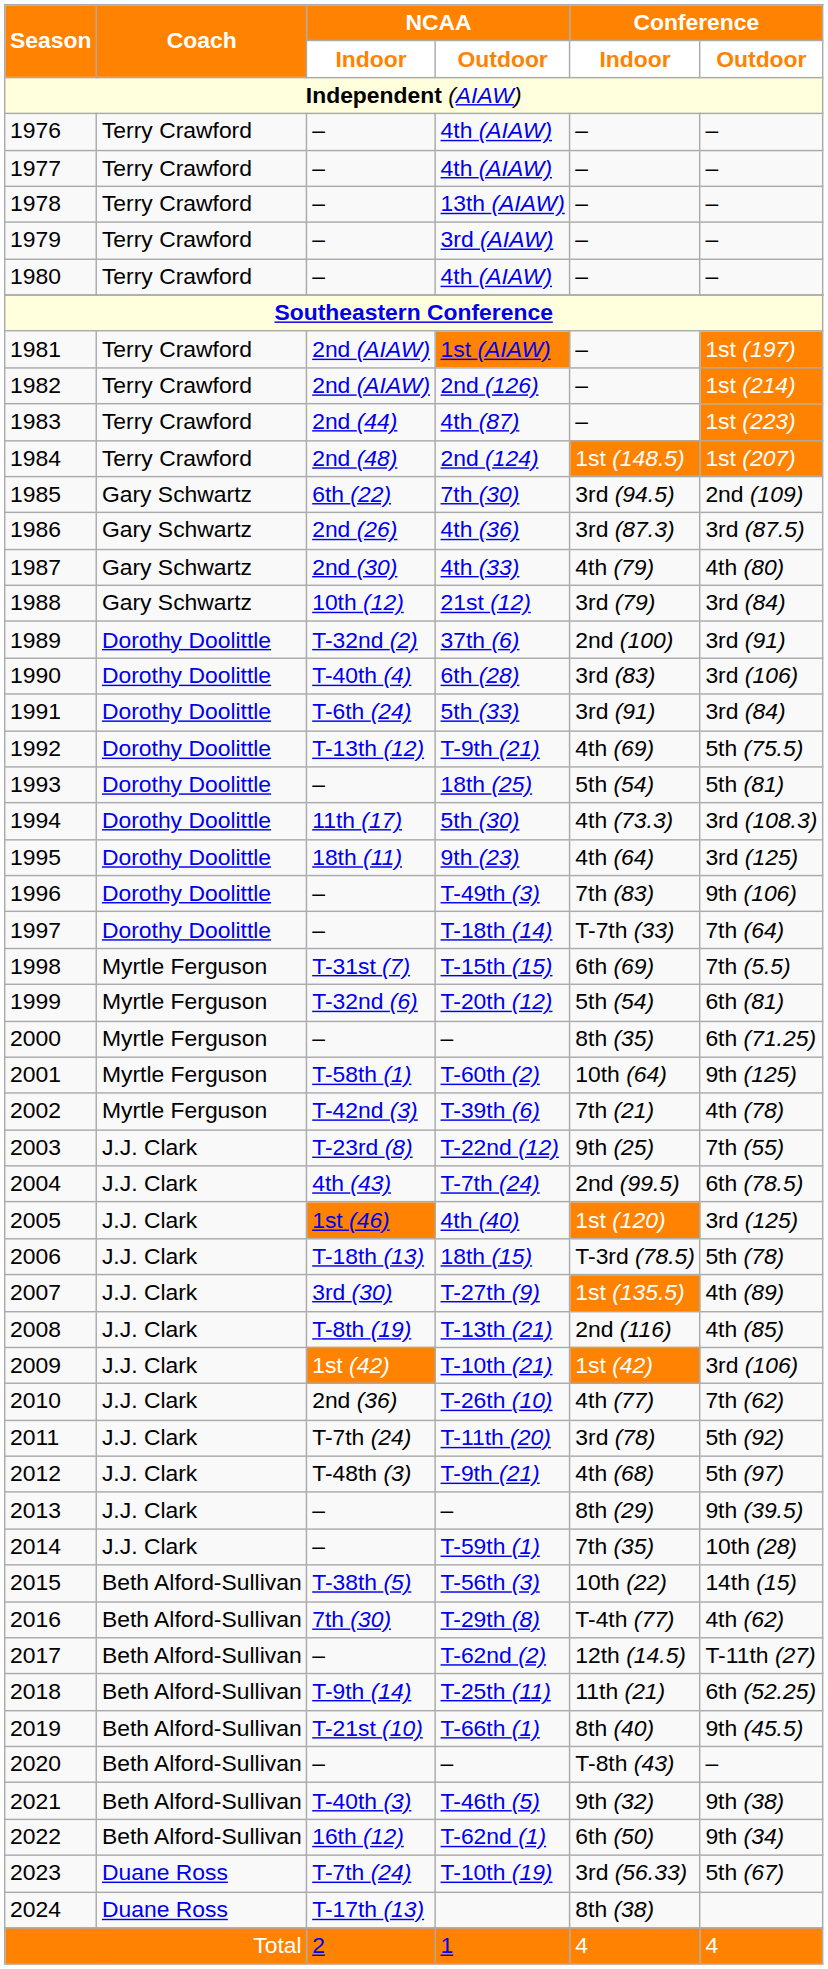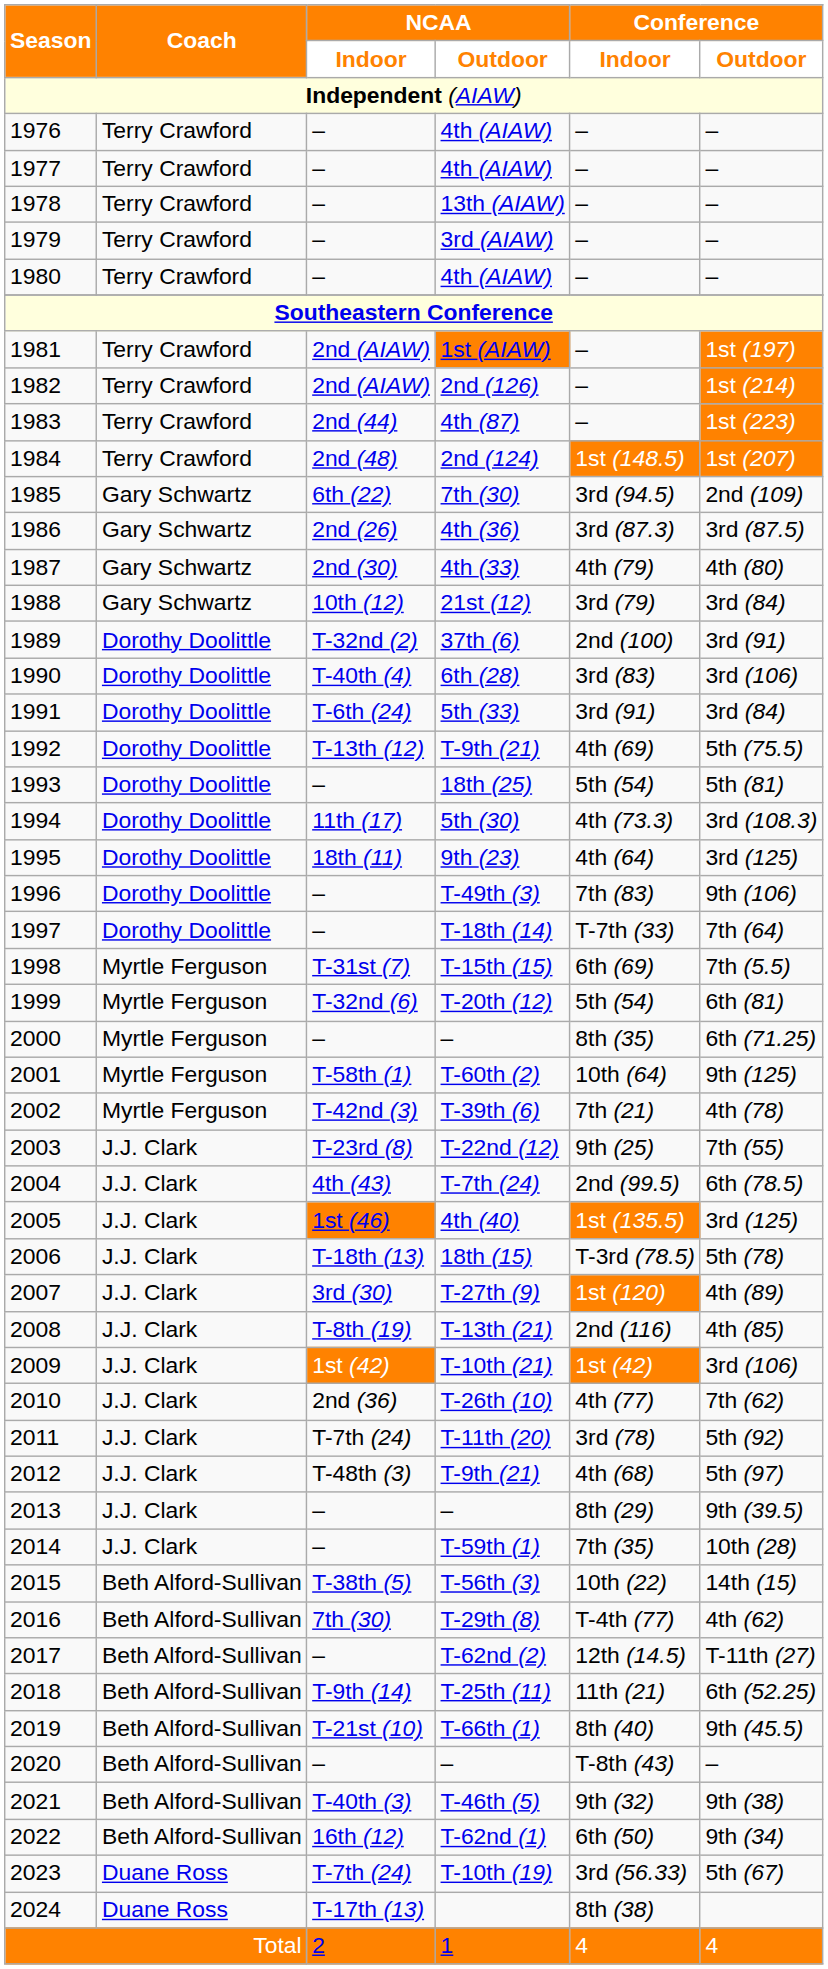 <table class="wikitable">
 <tr>
 <th rowspan="2" style="background: #FF8200; color:white;">Season</th>
 <th rowspan="2" style="background: #FF8200; color:white;">Coach</th>
 <th colspan="2" style="background: #FF8200; color:white;">NCAA</th>
 <th colspan="2" style="background: #FF8200; color:white;">Conference</th>
 </tr>
 <tr align="center" style="width:20px; background: white; color:#FF8200; text-align:center">
 <td><strong>Indoor</strong></td>
 <td><strong>Outdoor</strong></td>
 <td><strong>Indoor</strong></td>
 <td><strong>Outdoor</strong></td>
 </tr>
 <tr style="background: #ffffdd;">
 <td colspan="6" style="text-align:center;"><strong>Independent</strong> <em>(<a href='#'>AIAW</a>)</em></td>
 </tr>
 <tr>
 <td>1976</td>
 <td>Terry Crawford</td>
 <td>–</td>
 <td><a href='#'>4th <em>(AIAW)</em></a></td>
 <td>–</td>
 <td>–</td>
 </tr>
 <tr>
 <td>1977</td>
 <td>Terry Crawford</td>
 <td>–</td>
 <td><a href='#'>4th <em>(AIAW)</em></a></td>
 <td>–</td>
 <td>–</td>
 </tr>
 <tr>
 <td>1978</td>
 <td>Terry Crawford</td>
 <td>–</td>
 <td><a href='#'>13th <em>(AIAW)</em></a></td>
 <td>–</td>
 <td>–</td>
 </tr>
 <tr>
 <td>1979</td>
 <td>Terry Crawford</td>
 <td>–</td>
 <td><a href='#'>3rd <em>(AIAW)</em></a></td>
 <td>–</td>
 <td>–</td>
 </tr>
 <tr>
 <td>1980</td>
 <td>Terry Crawford</td>
 <td>–</td>
 <td><a href='#'>4th <em>(AIAW)</em></a></td>
 <td>–</td>
 <td>–</td>
 </tr>
 <tr>
 </tr>
 <tr style="background: #ffffdd;">
 <td colspan="6" style="text-align:center;"><strong><a href='#'>Southeastern Conference</a></strong></td>
 </tr>
 <tr>
 <td>1981</td>
 <td>Terry Crawford</td>
 <td><a href='#'>2nd <em>(AIAW)</em></a></td>
 <td style="background: #FF8200; color:white"><a href='#'>1st <em>(AIAW)</em></a></td>
 <td>–</td>
 <td style="background: #FF8200; color:white">1st <em>(197)</em></td>
 </tr>
 <tr>
 <td>1982</td>
 <td>Terry Crawford</td>
 <td><a href='#'>2nd <em>(AIAW)</em></a></td>
 <td><a href='#'>2nd <em>(126)</em></a></td>
 <td>–</td>
 <td style="background: #FF8200; color:white">1st <em>(214)</em></td>
 </tr>
 <tr>
 <td>1983</td>
 <td>Terry Crawford</td>
 <td><a href='#'>2nd <em>(44)</em></a></td>
 <td><a href='#'>4th <em>(87)</em></a></td>
 <td>–</td>
 <td style="background: #FF8200; color:white">1st <em>(223)</em></td>
 </tr>
 <tr>
 <td>1984</td>
 <td>Terry Crawford</td>
 <td><a href='#'>2nd <em>(48)</em></a></td>
 <td><a href='#'>2nd <em>(124)</em></a></td>
 <td style="background: #FF8200; color:white">1st <em>(148.5)</em></td>
 <td style="background: #FF8200; color:white">1st <em>(207)</em></td>
 </tr>
 <tr>
 <td>1985</td>
 <td>Gary Schwartz</td>
 <td><a href='#'>6th <em>(22)</em></a></td>
 <td><a href='#'>7th <em>(30)</em></a></td>
 <td>3rd <em>(94.5)</em></td>
 <td>2nd <em>(109)</em></td>
 </tr>
 <tr>
 <td>1986</td>
 <td>Gary Schwartz</td>
 <td><a href='#'>2nd <em>(26)</em></a></td>
 <td><a href='#'>4th <em>(36)</em></a></td>
 <td>3rd <em>(87.3)</em></td>
 <td>3rd <em>(87.5)</em></td>
 </tr>
 <tr>
 <td>1987</td>
 <td>Gary Schwartz</td>
 <td><a href='#'>2nd <em>(30)</em></a></td>
 <td><a href='#'>4th <em>(33)</em></a></td>
 <td>4th <em>(79)</em></td>
 <td>4th <em>(80)</em></td>
 </tr>
 <tr>
 <td>1988</td>
 <td>Gary Schwartz</td>
 <td><a href='#'>10th <em>(12)</em></a></td>
 <td><a href='#'>21st <em>(12)</em></a></td>
 <td>3rd <em>(79)</em></td>
 <td>3rd <em>(84)</em></td>
 </tr>
 <tr>
 <td>1989</td>
 <td><a href='#'>Dorothy Doolittle</a></td>
 <td><a href='#'>T-32nd <em>(2)</em></a></td>
 <td><a href='#'>37th <em>(6)</em></a></td>
 <td>2nd <em>(100)</em></td>
 <td>3rd <em>(91)</em></td>
 </tr>
 <tr>
 <td>1990</td>
 <td><a href='#'>Dorothy Doolittle</a></td>
 <td><a href='#'>T-40th <em>(4)</em></a></td>
 <td><a href='#'>6th <em>(28)</em></a></td>
 <td>3rd <em>(83)</em></td>
 <td>3rd <em>(106)</em></td>
 </tr>
 <tr>
 <td>1991</td>
 <td><a href='#'>Dorothy Doolittle</a></td>
 <td><a href='#'>T-6th <em>(24)</em></a></td>
 <td><a href='#'>5th <em>(33)</em></a></td>
 <td>3rd <em>(91)</em></td>
 <td>3rd <em>(84)</em></td>
 </tr>
 <tr>
 <td>1992</td>
 <td><a href='#'>Dorothy Doolittle</a></td>
 <td><a href='#'>T-13th <em>(12)</em></a></td>
 <td><a href='#'>T-9th <em>(21)</em></a></td>
 <td>4th <em>(69)</em></td>
 <td>5th <em>(75.5)</em></td>
 </tr>
 <tr>
 <td>1993</td>
 <td><a href='#'>Dorothy Doolittle</a></td>
 <td>–</td>
 <td><a href='#'>18th <em>(25)</em></a></td>
 <td>5th <em>(54)</em></td>
 <td>5th <em>(81)</em></td>
 </tr>
 <tr>
 <td>1994</td>
 <td><a href='#'>Dorothy Doolittle</a></td>
 <td><a href='#'>11th <em>(17)</em></a></td>
 <td><a href='#'>5th <em>(30)</em></a></td>
 <td>4th <em>(73.3)</em></td>
 <td>3rd <em>(108.3)</em></td>
 </tr>
 <tr>
 <td>1995</td>
 <td><a href='#'>Dorothy Doolittle</a></td>
 <td><a href='#'>18th <em>(11)</em></a></td>
 <td><a href='#'>9th <em>(23)</em></a></td>
 <td>4th <em>(64)</em></td>
 <td>3rd <em>(125)</em></td>
 </tr>
 <tr>
 <td>1996</td>
 <td><a href='#'>Dorothy Doolittle</a></td>
 <td>–</td>
 <td><a href='#'>T-49th <em>(3)</em></a></td>
 <td>7th <em>(83)</em></td>
 <td>9th <em>(106)</em></td>
 </tr>
 <tr>
 <td>1997</td>
 <td><a href='#'>Dorothy Doolittle</a></td>
 <td>–</td>
 <td><a href='#'>T-18th <em>(14)</em></a></td>
 <td>T-7th <em>(33)</em></td>
 <td>7th <em>(64)</em></td>
 </tr>
 <tr>
 <td>1998</td>
 <td>Myrtle Ferguson</td>
 <td><a href='#'>T-31st <em>(7)</em></a></td>
 <td><a href='#'>T-15th <em>(15)</em></a></td>
 <td>6th <em>(69)</em></td>
 <td>7th <em>(5.5)</em></td>
 </tr>
 <tr>
 <td>1999</td>
 <td>Myrtle Ferguson</td>
 <td><a href='#'>T-32nd <em>(6)</em></a></td>
 <td><a href='#'>T-20th <em>(12)</em></a></td>
 <td>5th <em>(54)</em></td>
 <td>6th <em>(81)</em></td>
 </tr>
 <tr>
 <td>2000</td>
 <td>Myrtle Ferguson</td>
 <td>–</td>
 <td>–</td>
 <td>8th <em>(35)</em></td>
 <td>6th <em>(71.25)</em></td>
 </tr>
 <tr>
 <td>2001</td>
 <td>Myrtle Ferguson</td>
 <td><a href='#'>T-58th <em>(1)</em></a></td>
 <td><a href='#'>T-60th <em>(2)</em></a></td>
 <td>10th <em>(64)</em></td>
 <td>9th <em>(125)</em></td>
 </tr>
 <tr>
 <td>2002</td>
 <td>Myrtle Ferguson</td>
 <td><a href='#'>T-42nd <em>(3)</em></a></td>
 <td><a href='#'>T-39th <em>(6)</em></a></td>
 <td>7th <em>(21)</em></td>
 <td>4th <em>(78)</em></td>
 </tr>
 <tr>
 <td>2003</td>
 <td>J.J. Clark</td>
 <td><a href='#'>T-23rd <em>(8)</em></a></td>
 <td><a href='#'>T-22nd <em>(12)</em></a></td>
 <td>9th <em>(25)</em></td>
 <td>7th <em>(55)</em></td>
 </tr>
 <tr>
 <td>2004</td>
 <td>J.J. Clark</td>
 <td><a href='#'>4th <em>(43)</em></a></td>
 <td><a href='#'>T-7th <em>(24)</em></a></td>
 <td>2nd <em>(99.5)</em></td>
 <td>6th <em>(78.5)</em></td>
 </tr>
 <tr>
 <td>2005</td>
 <td>J.J. Clark</td>
 <td style="background: #FF8200; color:white"><a href='#'>1st <em>(46)</em></a></td>
 <td><a href='#'>4th <em>(40)</em></a></td>
-<td style="background: #FF8200; color:white">1st <em>(120)</em></td>
+<td style="background: #FF8200; color:white">1st <em>(135.5)</em></td>
 <td>3rd <em>(125)</em></td>
 </tr>
 <tr>
 <td>2006</td>
 <td>J.J. Clark</td>
 <td><a href='#'>T-18th <em>(13)</em></a></td>
 <td><a href='#'>18th <em>(15)</em></a></td>
 <td>T-3rd <em>(78.5)</em></td>
 <td>5th <em>(78)</em></td>
 </tr>
 <tr>
 <td>2007</td>
 <td>J.J. Clark</td>
 <td><a href='#'>3rd <em>(30)</em></a></td>
 <td><a href='#'>T-27th <em>(9)</em></a></td>
-<td style="background: #FF8200; color:white">1st <em>(135.5)</em></td>
+<td style="background: #FF8200; color:white">1st <em>(120)</em></td>
 <td>4th <em>(89)</em></td>
 </tr>
 <tr>
 <td>2008</td>
 <td>J.J. Clark</td>
 <td><a href='#'>T-8th <em>(19)</em></a></td>
 <td><a href='#'>T-13th <em>(21)</em></a></td>
 <td>2nd <em>(116)</em></td>
 <td>4th <em>(85)</em></td>
 </tr>
 <tr>
 <td>2009</td>
 <td>J.J. Clark</td>
 <td style="background: #FF8200; color:white">1st <em>(42)</em></td>
 <td><a href='#'>T-10th <em>(21)</em></a></td>
 <td style="background: #FF8200; color:white">1st <em>(42)</em></td>
 <td>3rd <em>(106)</em></td>
 </tr>
 <tr>
 <td>2010</td>
 <td>J.J. Clark</td>
 <td>2nd <em>(36)</em></td>
 <td><a href='#'>T-26th <em>(10)</em></a></td>
 <td>4th <em>(77)</em></td>
 <td>7th <em>(62)</em></td>
 </tr>
 <tr>
 <td>2011</td>
 <td>J.J. Clark</td>
 <td>T-7th <em>(24)</em></td>
 <td><a href='#'>T-11th <em>(20)</em></a></td>
 <td>3rd <em>(78)</em></td>
 <td>5th <em>(92)</em></td>
 </tr>
 <tr>
 <td>2012</td>
 <td>J.J. Clark</td>
 <td>T-48th <em>(3)</em></td>
 <td><a href='#'>T-9th <em>(21)</em></a></td>
 <td>4th <em>(68)</em></td>
 <td>5th <em>(97)</em></td>
 </tr>
 <tr>
 <td>2013</td>
 <td>J.J. Clark</td>
 <td>–</td>
 <td>–</td>
 <td>8th <em>(29)</em></td>
 <td>9th <em>(39.5)</em></td>
 </tr>
 <tr>
 <td>2014</td>
 <td>J.J. Clark</td>
 <td>–</td>
 <td><a href='#'>T-59th <em>(1)</em></a></td>
 <td>7th <em>(35)</em></td>
 <td>10th <em>(28)</em></td>
 </tr>
 <tr>
 <td>2015</td>
 <td>Beth Alford-Sullivan</td>
 <td><a href='#'>T-38th <em>(5)</em></a></td>
 <td><a href='#'>T-56th <em>(3)</em></a></td>
 <td>10th <em>(22)</em></td>
 <td>14th <em>(15)</em></td>
 </tr>
 <tr>
 <td>2016</td>
 <td>Beth Alford-Sullivan</td>
 <td><a href='#'>7th <em>(30)</em></a></td>
 <td><a href='#'>T-29th <em>(8)</em></a></td>
 <td>T-4th <em>(77)</em></td>
 <td>4th <em>(62)</em></td>
 </tr>
 <tr>
 <td>2017</td>
 <td>Beth Alford-Sullivan</td>
 <td>–</td>
 <td><a href='#'>T-62nd <em>(2)</em></a></td>
 <td>12th <em>(14.5)</em></td>
 <td>T-11th <em>(27)</em></td>
 </tr>
 <tr>
 <td>2018</td>
 <td>Beth Alford-Sullivan</td>
 <td><a href='#'>T-9th <em>(14)</em></a></td>
 <td><a href='#'>T-25th <em>(11)</em></a></td>
 <td>11th <em>(21)</em></td>
 <td>6th <em>(52.25)</em></td>
 </tr>
 <tr>
 <td>2019</td>
 <td>Beth Alford-Sullivan</td>
 <td><a href='#'>T-21st <em>(10)</em></a></td>
 <td><a href='#'>T-66th <em>(1)</em></a></td>
 <td>8th <em>(40)</em></td>
 <td>9th <em>(45.5)</em></td>
 </tr>
 <tr>
 <td>2020</td>
 <td>Beth Alford-Sullivan</td>
 <td>–</td>
 <td>–</td>
 <td>T-8th <em>(43)</em></td>
 <td>–</td>
 </tr>
 <tr>
 <td>2021</td>
 <td>Beth Alford-Sullivan</td>
 <td><a href='#'>T-40th <em>(3)</em></a></td>
 <td><a href='#'>T-46th <em>(5)</em></a></td>
 <td>9th <em>(32)</em></td>
 <td>9th <em>(38)</em></td>
 </tr>
 <tr>
 <td>2022</td>
 <td>Beth Alford-Sullivan</td>
 <td><a href='#'>16th <em>(12)</em></a></td>
 <td><a href='#'>T-62nd <em>(1)</em></a></td>
 <td>6th <em>(50)</em></td>
 <td>9th <em>(34)</em></td>
 </tr>
 <tr>
 <td>2023</td>
 <td><a href='#'>Duane Ross</a></td>
 <td><a href='#'>T-7th <em>(24)</em></a></td>
 <td><a href='#'>T-10th <em>(19)</em></a></td>
 <td>3rd <em>(56.33)</em></td>
 <td>5th <em>(67)</em></td>
 </tr>
 <tr>
 <td>2024</td>
 <td><a href='#'>Duane Ross</a></td>
 <td><a href='#'>T-17th <em>(13)</em></a></td>
 <td></td>
 <td>8th <em>(38)</em></td>
 <td></td>
 </tr>
 <tr style="background: #FF8200; color:white">
 <td colspan="2" align="right">Total</td>
 <td><a href='#'>2</a></td>
 <td><a href='#'>1</a></td>
 <td>4</td>
 <td>4</td>
 </tr>
 </table>
